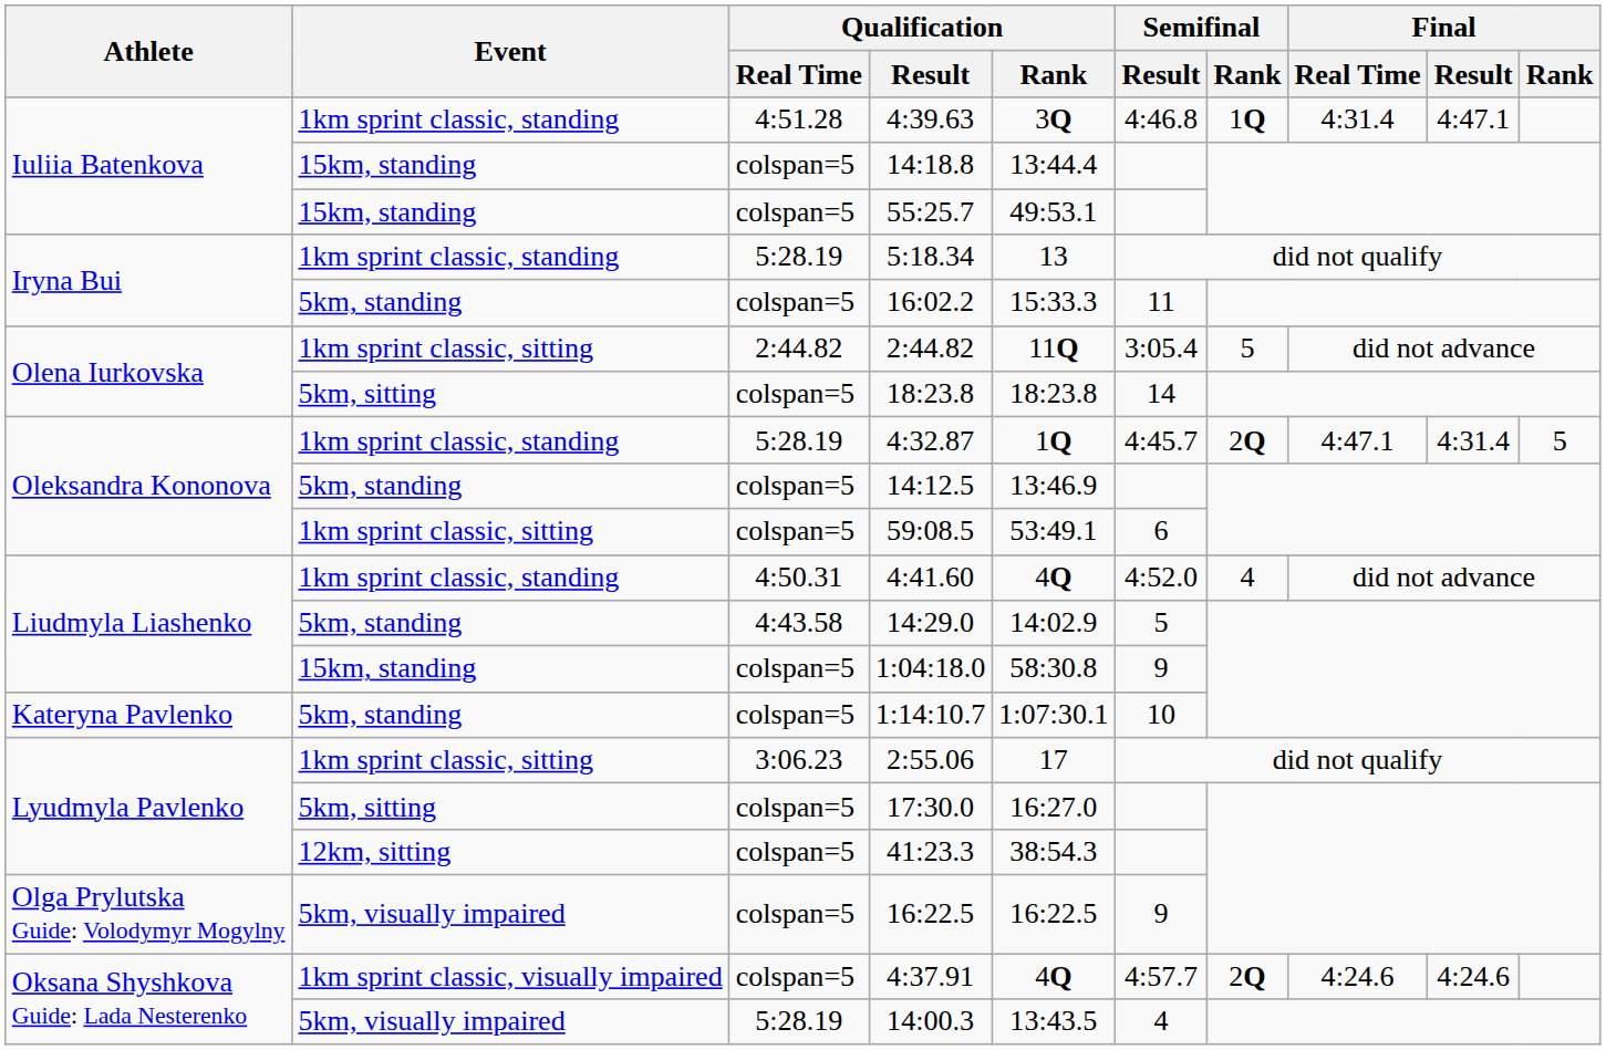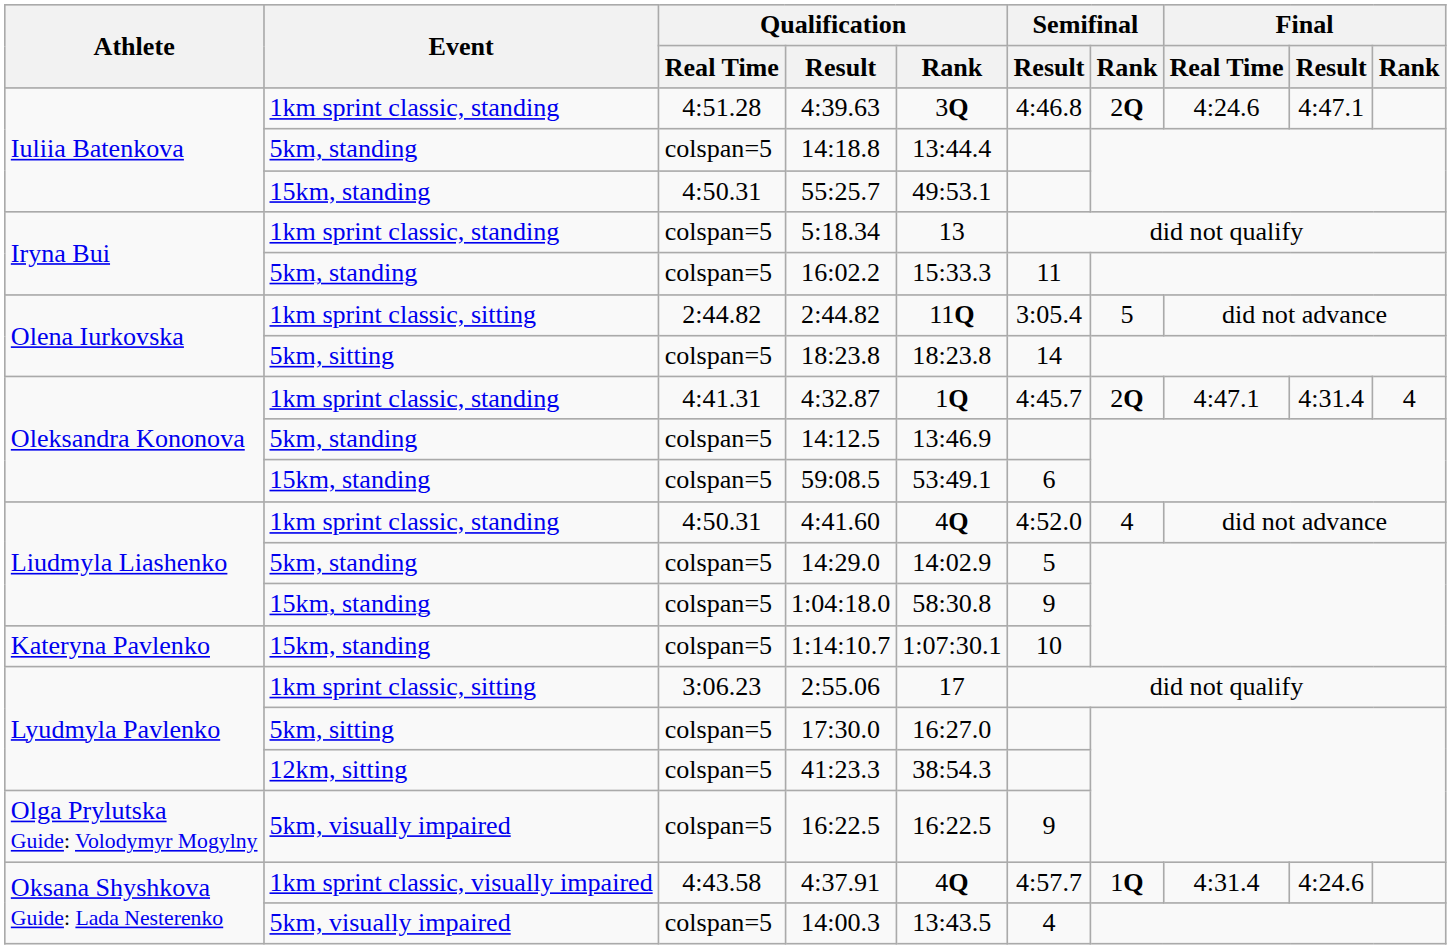 <table class="wikitable" style="font-size:100%">
 <tr>
 <th rowspan="2">Athlete</th>
 <th rowspan="2">Event</th>
 <th colspan="3">Qualification</th>
 <th colspan="2">Semifinal</th>
 <th colspan="3">Final</th>
 </tr>
 <tr>
 <th>Real Time</th>
 <th>Result</th>
 <th>Rank</th>
 <th>Result</th>
 <th>Rank</th>
 <th>Real Time</th>
 <th>Result</th>
 <th>Rank</th>
 </tr>
 <tr>
 <td rowspan=3><a href='#'>Iuliia Batenkova</a></td>
 <td><a href='#'>1km sprint classic, standing</a></td>
 <td align="center">4:51.28</td>
 <td align="center">4:39.63</td>
 <td align="center">3<strong>Q</strong></td>
 <td align="center">4:46.8</td>
-<td align="center">1<strong>Q</strong></td>
-<td align="center">4:31.4</td>
+<td align="center">2<strong>Q</strong></td>
+<td align="center">4:24.6</td>
 <td align="center">4:47.1</td>
 <td align="center"></td>
 </tr>
 <tr>
-<td><a href='#'>15km, standing</a></td>
+<td><a href='#'>5km, standing</a></td>
 <td>colspan=5 </td>
 <td align="center">14:18.8</td>
 <td align="center">13:44.4</td>
 <td align="center"></td>
 </tr>
 <tr>
 <td><a href='#'>15km, standing</a></td>
-<td>colspan=5 </td>
+<td align="center">4:50.31</td>
 <td align="center">55:25.7</td>
 <td align="center">49:53.1</td>
 <td align="center"></td>
 </tr>
 <tr>
 <td rowspan=2><a href='#'>Iryna Bui</a></td>
 <td><a href='#'>1km sprint classic, standing</a></td>
-<td align="center">5:28.19</td>
+<td>colspan=5 </td>
 <td align="center">5:18.34</td>
 <td align="center">13</td>
 <td colspan=5 align="center">did not qualify</td>
 </tr>
 <tr>
 <td><a href='#'>5km, standing</a></td>
 <td>colspan=5 </td>
 <td align="center">16:02.2</td>
 <td align="center">15:33.3</td>
 <td align="center">11</td>
 </tr>
 <tr>
 <td rowspan=2><a href='#'>Olena Iurkovska</a></td>
 <td><a href='#'>1km sprint classic, sitting</a></td>
 <td align="center">2:44.82</td>
 <td align="center">2:44.82</td>
 <td align="center">11<strong>Q</strong></td>
 <td align="center">3:05.4</td>
 <td align="center">5</td>
 <td colspan=3 align="center">did not advance</td>
 </tr>
 <tr>
 <td><a href='#'>5km, sitting</a></td>
 <td>colspan=5 </td>
 <td align="center">18:23.8</td>
 <td align="center">18:23.8</td>
 <td align="center">14</td>
 </tr>
 <tr>
 <td rowspan=3><a href='#'>Oleksandra Kononova</a></td>
 <td><a href='#'>1km sprint classic, standing</a></td>
-<td align="center">5:28.19</td>
+<td align="center">4:41.31</td>
 <td align="center">4:32.87</td>
 <td align="center">1<strong>Q</strong></td>
 <td align="center">4:45.7</td>
 <td align="center">2<strong>Q</strong></td>
 <td align="center">4:47.1</td>
 <td align="center">4:31.4</td>
-<td align="center">5</td>
+<td align="center">4</td>
 </tr>
 <tr>
 <td><a href='#'>5km, standing</a></td>
 <td>colspan=5 </td>
 <td align="center">14:12.5</td>
 <td align="center">13:46.9</td>
 <td align="center"></td>
 </tr>
 <tr>
-<td><a href='#'>1km sprint classic, sitting</a></td>
+<td><a href='#'>15km, standing</a></td>
 <td>colspan=5 </td>
 <td align="center">59:08.5</td>
 <td align="center">53:49.1</td>
 <td align="center">6</td>
 </tr>
 <tr>
 <td rowspan=3><a href='#'>Liudmyla Liashenko</a></td>
 <td><a href='#'>1km sprint classic, standing</a></td>
 <td align="center">4:50.31</td>
 <td align="center">4:41.60</td>
 <td align="center">4<strong>Q</strong></td>
 <td align="center">4:52.0</td>
 <td align="center">4</td>
 <td colspan=3 align="center">did not advance</td>
 </tr>
 <tr>
 <td><a href='#'>5km, standing</a></td>
-<td align="center">4:43.58</td>
+<td>colspan=5 </td>
 <td align="center">14:29.0</td>
 <td align="center">14:02.9</td>
 <td align="center">5</td>
 </tr>
 <tr>
 <td><a href='#'>15km, standing</a></td>
 <td>colspan=5 </td>
 <td align="center">1:04:18.0</td>
 <td align="center">58:30.8</td>
 <td align="center">9</td>
 </tr>
 <tr>
 <td><a href='#'>Kateryna Pavlenko</a></td>
-<td><a href='#'>5km, standing</a></td>
+<td><a href='#'>15km, standing</a></td>
 <td>colspan=5 </td>
 <td align="center">1:14:10.7</td>
 <td align="center">1:07:30.1</td>
 <td align="center">10</td>
 </tr>
 <tr>
 <td rowspan=3><a href='#'>Lyudmyla Pavlenko</a></td>
 <td><a href='#'>1km sprint classic, sitting</a></td>
 <td align="center">3:06.23</td>
 <td align="center">2:55.06</td>
 <td align="center">17</td>
 <td colspan=5 align="center">did not qualify</td>
 </tr>
 <tr>
 <td><a href='#'>5km, sitting</a></td>
 <td>colspan=5 </td>
 <td align="center">17:30.0</td>
 <td align="center">16:27.0</td>
 <td align="center"></td>
 </tr>
 <tr>
 <td><a href='#'>12km, sitting</a></td>
 <td>colspan=5 </td>
 <td align="center">41:23.3</td>
 <td align="center">38:54.3</td>
 <td align="center"></td>
 </tr>
 <tr>
 <td><a href='#'>Olga Prylutska</a><br><small><a href='#'>Guide</a>: <a href='#'>Volodymyr Mogylny</a></small></td>
 <td><a href='#'>5km, visually impaired</a></td>
 <td>colspan=5 </td>
 <td align="center">16:22.5</td>
 <td align="center">16:22.5</td>
 <td align="center">9</td>
 </tr>
 <tr>
 <td rowspan=2><a href='#'>Oksana Shyshkova</a><br><small><a href='#'>Guide</a>: <a href='#'>Lada Nesterenko</a></small></td>
 <td><a href='#'>1km sprint classic, visually impaired</a></td>
-<td>colspan=5 </td>
+<td align="center">4:43.58</td>
 <td align="center">4:37.91</td>
 <td align="center">4<strong>Q</strong></td>
 <td align="center">4:57.7</td>
-<td align="center">2<strong>Q</strong></td>
-<td align="center">4:24.6</td>
+<td align="center">1<strong>Q</strong></td>
+<td align="center">4:31.4</td>
 <td align="center">4:24.6</td>
 <td align="center"></td>
 </tr>
 <tr>
 <td><a href='#'>5km, visually impaired</a></td>
-<td align="center">5:28.19</td>
+<td>colspan=5 </td>
 <td align="center">14:00.3</td>
 <td align="center">13:43.5</td>
 <td align="center">4</td>
 </tr>
 </table>
